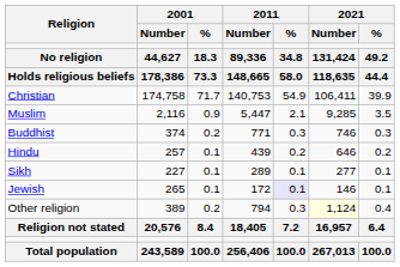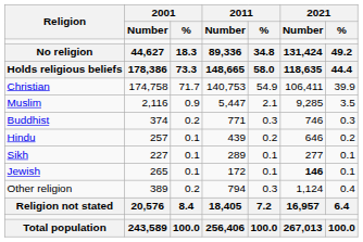 <table class="wikitable sortable mw-collapsible mw-collapsed">
 <tr>
 <th rowspan="2">Religion</th>
 <th colspan="2">2001</th>
 <th colspan="2">2011</th>
 <th colspan="2">2021</th>
 </tr>
 <tr>
 <th>Number</th>
 <th>%</th>
 <th>Number</th>
 <th>%</th>
 <th>Number</th>
 <th>%</th>
 </tr>
 <tr>
 <td></td>
 <td></td>
 <td></td>
 <td></td>
 <td></td>
 </tr>
 <tr>
 <th>No religion</th>
 <th align="right">44,627</th>
 <th align="right">18.3</th>
 <th align="right">89,336</th>
 <th align="right">34.8</th>
 <th align="right">131,424</th>
 <th align="right">49.2</th>
 </tr>
 <tr>
 <th>Holds religious beliefs</th>
 <th>178,386</th>
 <th>73.3</th>
 <th>148,665</th>
 <th>58.0</th>
 <th>118,635</th>
 <th>44.4</th>
 </tr>
 <tr>
 <td> <a href='#'>Christian</a></td>
 <td align="right">174,758</td>
 <td align="right">71.7</td>
 <td align="right">140,753</td>
 <td align="right">54.9</td>
 <td align="right">106,411</td>
 <td align="right">39.9</td>
 </tr>
 <tr>
 <td> <a href='#'>Muslim</a></td>
 <td align="right">2,116</td>
 <td align="right">0.9</td>
 <td align="right">5,447</td>
 <td align="right">2.1</td>
 <td align="right">9,285</td>
 <td align="right">3.5</td>
 </tr>
 <tr>
 <td> <a href='#'>Buddhist</a></td>
 <td align="right">374</td>
 <td align="right">0.2</td>
 <td align="right">771</td>
 <td align="right">0.3</td>
 <td align="right">746</td>
 <td align="right">0.3</td>
 </tr>
 <tr>
 <td> <a href='#'>Hindu</a></td>
 <td align="right">257</td>
 <td align="right">0.1</td>
 <td align="right">439</td>
 <td align="right">0.2</td>
 <td align="right">646</td>
 <td align="right">0.2</td>
 </tr>
 <tr>
 <td> <a href='#'>Sikh</a></td>
 <td align="right">227</td>
 <td align="right">0.1</td>
 <td align="right">289</td>
 <td align="right">0.1</td>
 <td align="right">277</td>
 <td align="right">0.1</td>
 </tr>
 <tr>
 <td> <a href='#'>Jewish</a></td>
 <td align="right">265</td>
 <td align="right">0.1</td>
 <td align="right">172</td>
-<td align="right" style="background: lavender;">0.1</td>
-<td align="right">146</td>
+<td align="right">0.1</td>
+<td align="right"><strong>146</strong></td>
 <td align="right">0.1</td>
 </tr>
 <tr>
 <td>Other religion</td>
 <td align="right">389</td>
 <td align="right">0.2</td>
 <td align="right">794</td>
 <td align="right">0.3</td>
-<td align="right" style="background: lightyellow;">1,124</td>
+<td align="right">1,124</td>
 <td align="right">0.4</td>
 </tr>
 <tr>
 <th>Religion not stated</th>
 <th align="right">20,576</th>
 <th align="right">8.4</th>
 <th align="right">18,405</th>
 <th align="right">7.2</th>
 <th align="right">16,957</th>
 <th align="right">6.4</th>
 </tr>
 <tr>
 <td></td>
 <td></td>
 <td></td>
 <td></td>
 <td></td>
 </tr>
 <tr>
 <th>Total population</th>
 <th align="right">243,589</th>
 <th align="right">100.0</th>
 <th align="right">256,406</th>
 <th align="right">100.0</th>
 <th align="right">267,013</th>
 <th align="right">100.0</th>
 </tr>
 </table>
